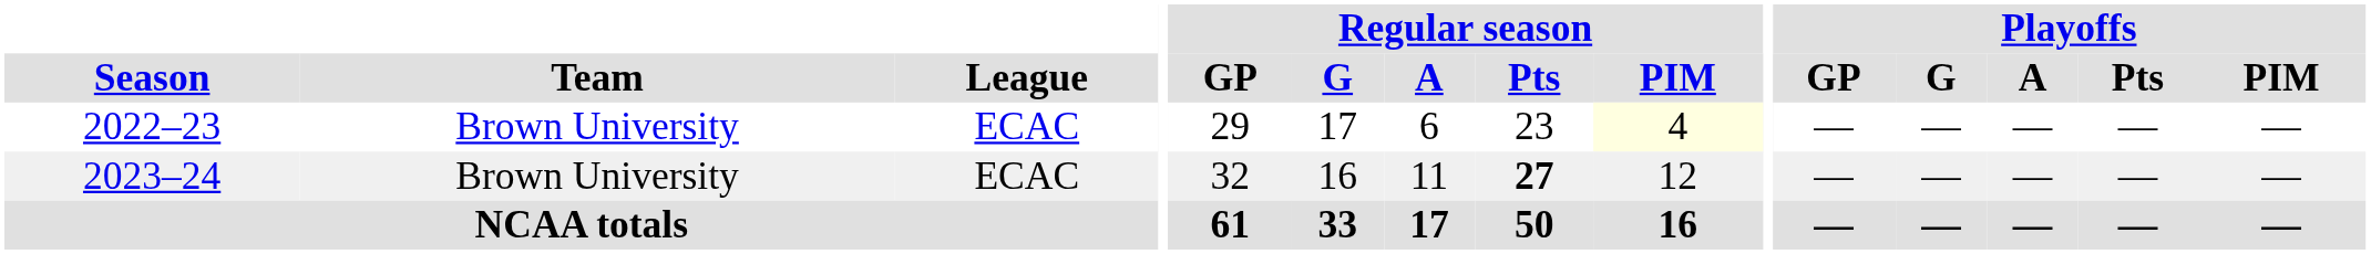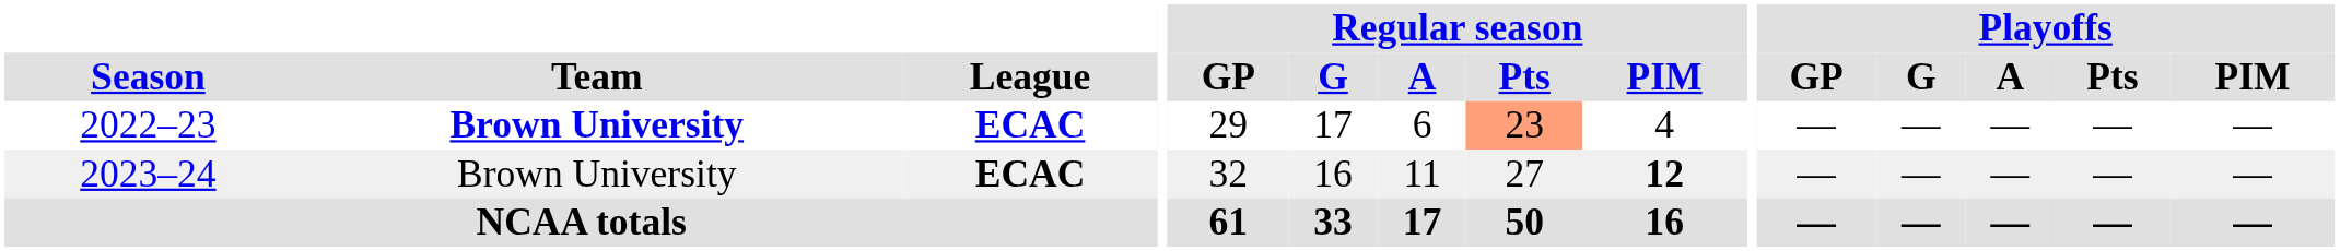 <table border="0" cellpadding="1" cellspacing="0" style="text-align:center; width:60em;">
 <tr bgcolor="#e0e0e0">
 <th colspan="3" bgcolor="#ffffff"></th>
 <th rowspan="94" bgcolor="#ffffff"></th>
 <th colspan="5"><a href='#'>Regular season</a></th>
 <th rowspan="94" bgcolor="#ffffff"></th>
 <th colspan="5"><a href='#'>Playoffs</a></th>
 </tr>
 <tr bgcolor="#e0e0e0">
 <th><a href='#'>Season</a></th>
 <th>Team</th>
 <th>League</th>
 <th>GP</th>
 <th><a href='#'>G</a></th>
 <th><a href='#'>A</a></th>
 <th><a href='#'>Pts</a></th>
 <th><a href='#'>PIM</a></th>
 <th>GP</th>
 <th>G</th>
 <th>A</th>
 <th>Pts</th>
 <th>PIM</th>
 </tr>
 <tr>
 <td><a href='#'>2022–23</a></td>
-<td><a href='#'>Brown University</a></td>
-<td><a href='#'>ECAC</a></td>
+<td><strong><a href='#'>Brown University</a></strong></td>
+<td><strong><a href='#'>ECAC</a></strong></td>
 <td>29</td>
 <td>17</td>
 <td>6</td>
-<td>23</td>
-<td style="background: lightyellow;">4</td>
+<td style="background: lightsalmon;">23</td>
+<td>4</td>
 <td>—</td>
 <td>—</td>
 <td>—</td>
 <td>—</td>
 <td>—</td>
 </tr>
 <tr bgcolor="f0f0f0">
 <td><a href='#'>2023–24</a></td>
 <td>Brown University</td>
-<td>ECAC</td>
+<td><strong>ECAC</strong></td>
 <td>32</td>
 <td>16</td>
 <td>11</td>
-<td><strong>27</strong></td>
-<td>12</td>
+<td>27</td>
+<td><strong>12</strong></td>
 <td>—</td>
 <td>—</td>
 <td>—</td>
 <td>—</td>
 <td>—</td>
 </tr>
 <tr bgcolor="#e0e0e0">
 <th colspan="3">NCAA totals</th>
 <th>61</th>
 <th>33</th>
 <th>17</th>
 <th>50</th>
 <th>16</th>
 <th>—</th>
 <th>—</th>
 <th>—</th>
 <th>—</th>
 <th>—</th>
 </tr>
 </table>
